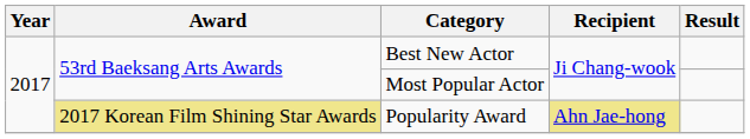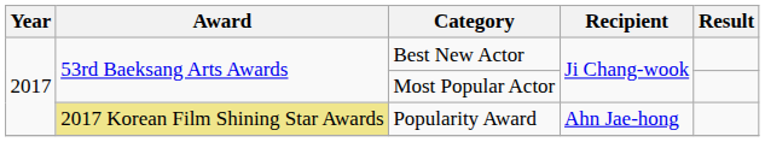 <table class="wikitable">
 <tr>
 <th>Year</th>
 <th>Award</th>
 <th>Category</th>
 <th>Recipient</th>
 <th>Result</th>
 </tr>
 <tr>
 <td rowspan="3">2017</td>
 <td rowspan="2"><a href='#'>53rd Baeksang Arts Awards</a></td>
 <td>Best New Actor</td>
 <td rowspan="2"><a href='#'>Ji Chang-wook</a></td>
 <td></td>
 </tr>
 <tr>
 <td>Most Popular Actor</td>
 <td></td>
 </tr>
 <tr>
 <td style="background: khaki;">2017 Korean Film Shining Star Awards</td>
 <td>Popularity Award</td>
-<td style="background: khaki;"><a href='#'>Ahn Jae-hong</a></td>
+<td><a href='#'>Ahn Jae-hong</a></td>
 <td></td>
 </tr>
 <tr>
 </tr>
 </table>
